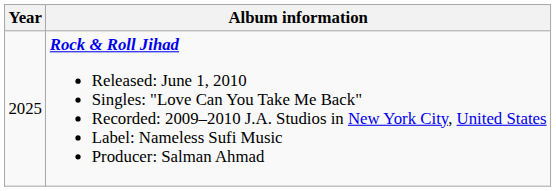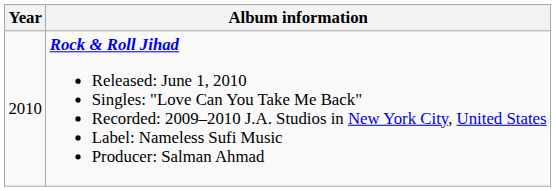 <table class="wikitable">
 <tr>
 <th>Year</th>
 <th>Album information</th>
 </tr>
 <tr>
-<td>2025</td>
+<td>2010</td>
 <td><strong><em><a href='#'>Rock & Roll Jihad</a></em></strong><br><ul><li>Released: June 1, 2010</li><li>Singles: "Love Can You Take Me Back"</li><li>Recorded: 2009–2010 J.A. Studios in <a href='#'>New York City</a>, <a href='#'>United States</a></li><li>Label: Nameless Sufi Music</li><li>Producer: Salman Ahmad</li></ul></td>
 </tr>
 </table>
